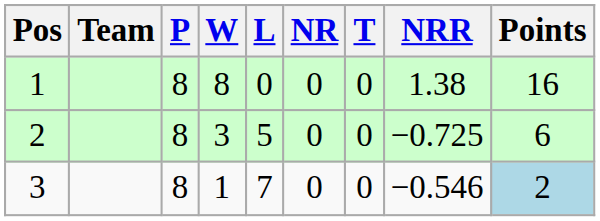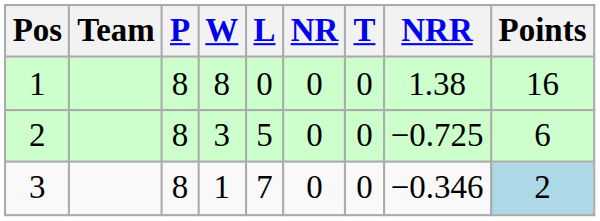 <table class="wikitable">
 <tr>
 <th>Pos</th>
 <th>Team</th>
 <th><a href='#'>P</a></th>
 <th><a href='#'>W</a></th>
 <th><a href='#'>L</a></th>
 <th><a href='#'>NR</a></th>
 <th><a href='#'>T</a></th>
 <th><a href='#'>NRR</a></th>
 <th>Points</th>
 </tr>
 <tr align="center" bgcolor="#ccffcc">
 <td>1</td>
 <td align="left"></td>
 <td>8</td>
 <td>8</td>
 <td>0</td>
 <td>0</td>
 <td>0</td>
 <td>1.38</td>
 <td>16</td>
 </tr>
 <tr align="center" bgcolor="#ccffcc">
 <td>2</td>
 <td align="left"></td>
 <td>8</td>
 <td>3</td>
 <td>5</td>
 <td>0</td>
 <td>0</td>
 <td>−0.725</td>
 <td>6</td>
 </tr>
 <tr align="center">
 <td>3</td>
 <td align="left"></td>
 <td>8</td>
 <td>1</td>
 <td>7</td>
 <td>0</td>
 <td>0</td>
-<td>−0.546</td>
+<td>−0.346</td>
 <td style="background: lightblue;">2</td>
 </tr>
 </table>
